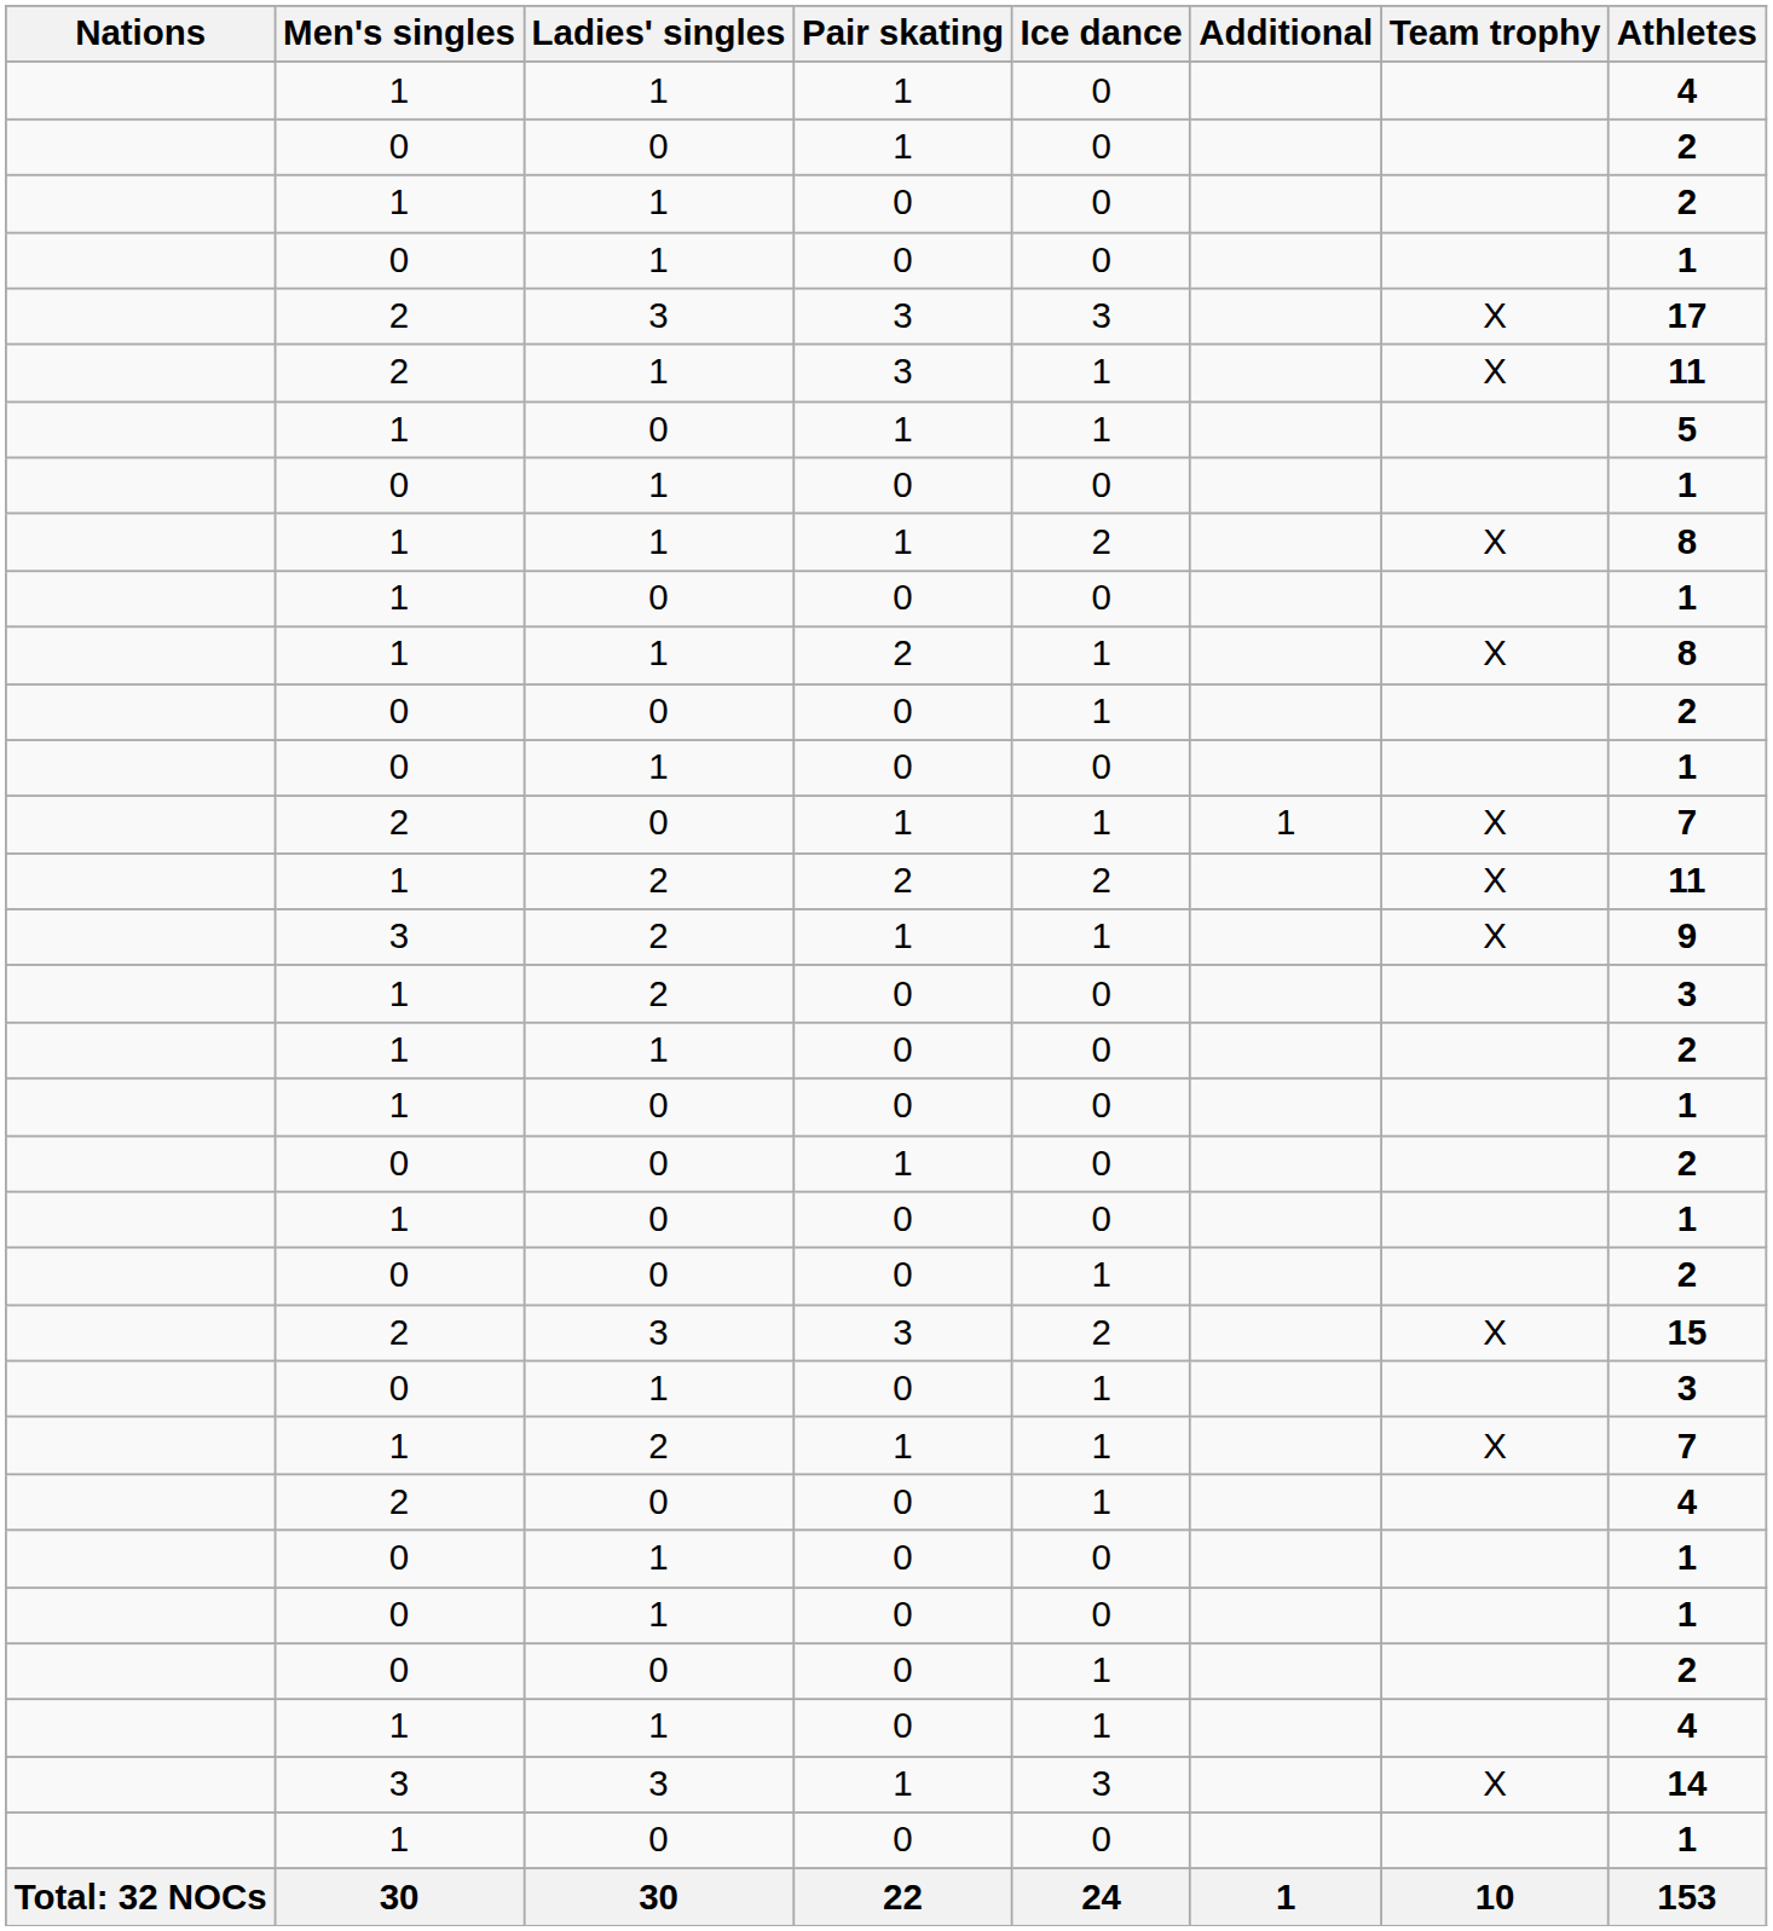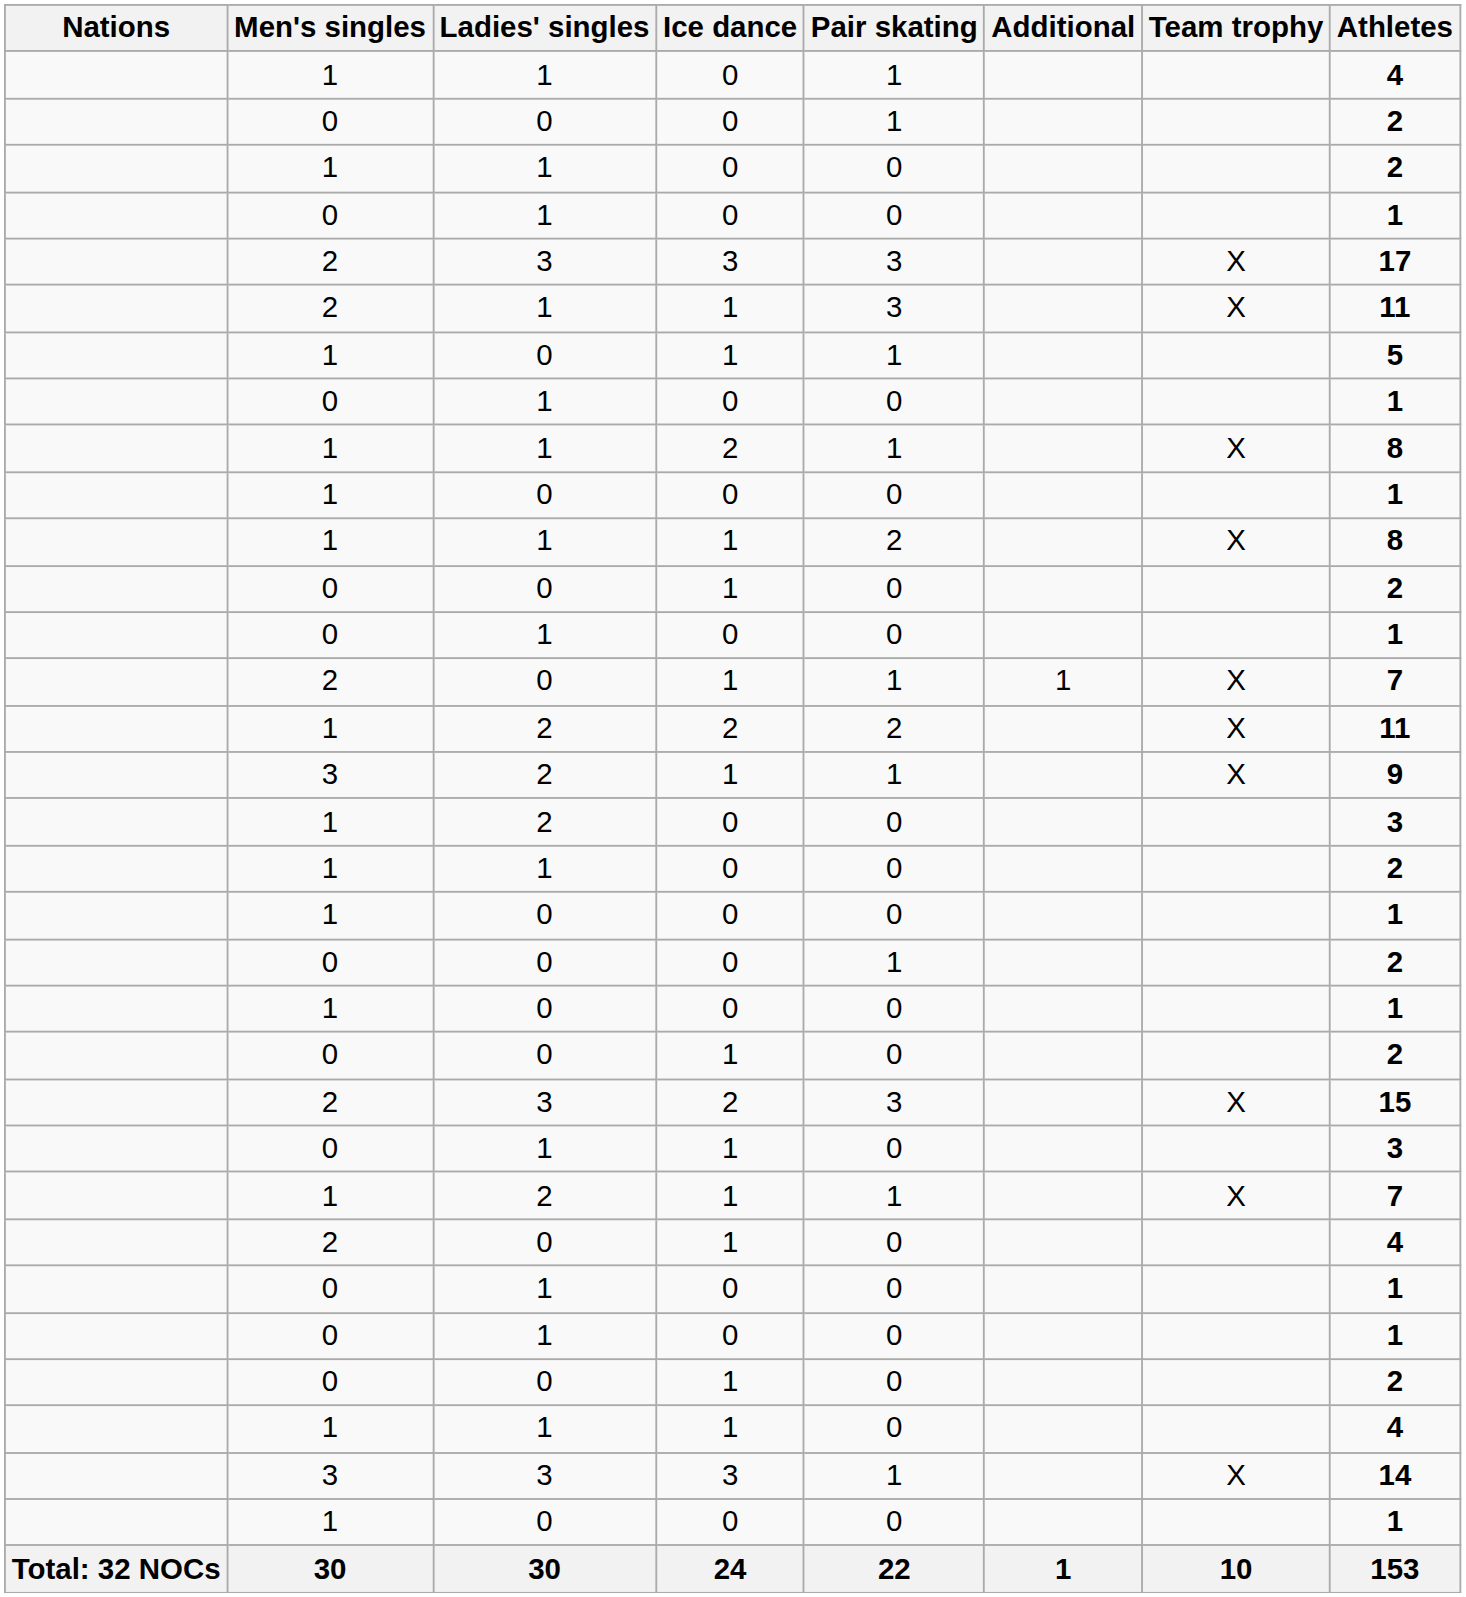 <table class="wikitable sortable" style="text-align:center;">
 <tr>
 <th>Nations</th>
 <th>Men's singles</th>
 <th>Ladies' singles</th>
+<th>Ice dance</th>
 <th>Pair skating</th>
-<th>Ice dance</th>
 <th>Additional</th>
 <th>Team trophy</th>
 <th>Athletes</th>
 </tr>
 <tr>
 <td style="text-align:left;"></td>
 <td>1</td>
 <td>1</td>
+<td>0</td>
 <td>1</td>
-<td>0</td>
 <td></td>
 <td></td>
 <td><strong>4</strong></td>
 </tr>
 <tr>
 <td style="text-align:left;"></td>
 <td>0</td>
 <td>0</td>
+<td>0</td>
 <td>1</td>
-<td>0</td>
 <td></td>
 <td></td>
 <td><strong>2</strong></td>
 </tr>
 <tr>
 <td style="text-align:left;"></td>
 <td>1</td>
 <td>1</td>
 <td>0</td>
 <td>0</td>
 <td></td>
 <td></td>
 <td><strong>2</strong></td>
 </tr>
 <tr>
 <td style="text-align:left;"></td>
 <td>0</td>
 <td>1</td>
 <td>0</td>
 <td>0</td>
 <td></td>
 <td></td>
 <td><strong>1</strong></td>
 </tr>
 <tr>
 <td style="text-align:left;"></td>
 <td>2</td>
 <td>3</td>
 <td>3</td>
 <td>3</td>
 <td></td>
 <td>X</td>
 <td><strong>17</strong></td>
 </tr>
 <tr>
 <td style="text-align:left;"></td>
 <td>2</td>
 <td>1</td>
+<td>1</td>
 <td>3</td>
-<td>1</td>
 <td></td>
 <td>X</td>
 <td><strong>11</strong></td>
 </tr>
 <tr>
 <td style="text-align:left;"></td>
 <td>1</td>
 <td>0</td>
 <td>1</td>
 <td>1</td>
 <td></td>
 <td></td>
 <td><strong>5</strong></td>
 </tr>
 <tr>
 <td style="text-align:left;"></td>
 <td>0</td>
 <td>1</td>
 <td>0</td>
 <td>0</td>
 <td></td>
 <td></td>
 <td><strong>1</strong></td>
 </tr>
 <tr>
 <td style="text-align:left;"></td>
 <td>1</td>
 <td>1</td>
+<td>2</td>
 <td>1</td>
-<td>2</td>
 <td></td>
 <td>X</td>
 <td><strong>8</strong></td>
 </tr>
 <tr>
 <td style="text-align:left;"></td>
 <td>1</td>
 <td>0</td>
 <td>0</td>
 <td>0</td>
 <td></td>
 <td></td>
 <td><strong>1</strong></td>
 </tr>
 <tr>
 <td style="text-align:left;"></td>
 <td>1</td>
 <td>1</td>
+<td>1</td>
 <td>2</td>
-<td>1</td>
 <td></td>
 <td>X</td>
 <td><strong>8</strong></td>
 </tr>
 <tr>
 <td style="text-align:left;"></td>
 <td>0</td>
 <td>0</td>
+<td>1</td>
 <td>0</td>
-<td>1</td>
 <td></td>
 <td></td>
 <td><strong>2</strong></td>
 </tr>
 <tr>
 <td style="text-align:left;"></td>
 <td>0</td>
 <td>1</td>
 <td>0</td>
 <td>0</td>
 <td></td>
 <td></td>
 <td><strong>1</strong></td>
 </tr>
 <tr>
 <td style="text-align:left;"></td>
 <td>2</td>
 <td>0</td>
 <td>1</td>
 <td>1</td>
 <td>1</td>
 <td>X</td>
 <td><strong>7</strong></td>
 </tr>
 <tr>
 <td style="text-align:left;"></td>
 <td>1</td>
 <td>2</td>
 <td>2</td>
 <td>2</td>
 <td></td>
 <td>X</td>
 <td><strong>11</strong></td>
 </tr>
 <tr>
 <td style="text-align:left;"></td>
 <td>3</td>
 <td>2</td>
 <td>1</td>
 <td>1</td>
 <td></td>
 <td>X</td>
 <td><strong>9</strong></td>
 </tr>
 <tr>
 <td style="text-align:left;"></td>
 <td>1</td>
 <td>2</td>
 <td>0</td>
 <td>0</td>
 <td></td>
 <td></td>
 <td><strong>3</strong></td>
 </tr>
 <tr>
 <td style="text-align:left;"></td>
 <td>1</td>
 <td>1</td>
 <td>0</td>
 <td>0</td>
 <td></td>
 <td></td>
 <td><strong>2</strong></td>
 </tr>
 <tr>
 <td style="text-align:left;"></td>
 <td>1</td>
 <td>0</td>
 <td>0</td>
 <td>0</td>
 <td></td>
 <td></td>
 <td><strong>1</strong></td>
 </tr>
 <tr>
 <td style="text-align:left;"></td>
 <td>0</td>
 <td>0</td>
+<td>0</td>
 <td>1</td>
-<td>0</td>
 <td></td>
 <td></td>
 <td><strong>2</strong></td>
 </tr>
 <tr>
 <td style="text-align:left;"></td>
 <td>1</td>
 <td>0</td>
 <td>0</td>
 <td>0</td>
 <td></td>
 <td></td>
 <td><strong>1</strong></td>
 </tr>
 <tr>
 <td style="text-align:left;"></td>
 <td>0</td>
 <td>0</td>
+<td>1</td>
 <td>0</td>
-<td>1</td>
 <td></td>
 <td></td>
 <td><strong>2</strong></td>
 </tr>
 <tr>
 <td style="text-align:left;"></td>
 <td>2</td>
 <td>3</td>
+<td>2</td>
 <td>3</td>
-<td>2</td>
 <td></td>
 <td>X</td>
 <td><strong>15</strong></td>
 </tr>
 <tr>
 <td style="text-align:left;"></td>
 <td>0</td>
 <td>1</td>
+<td>1</td>
 <td>0</td>
-<td>1</td>
 <td></td>
 <td></td>
 <td><strong>3</strong></td>
 </tr>
 <tr>
 <td style="text-align:left;"></td>
 <td>1</td>
 <td>2</td>
 <td>1</td>
 <td>1</td>
 <td></td>
 <td>X</td>
 <td><strong>7</strong></td>
 </tr>
 <tr>
 <td style="text-align:left;"></td>
 <td>2</td>
 <td>0</td>
+<td>1</td>
 <td>0</td>
-<td>1</td>
 <td></td>
 <td></td>
 <td><strong>4</strong></td>
 </tr>
 <tr>
 <td style="text-align:left;"></td>
 <td>0</td>
 <td>1</td>
 <td>0</td>
 <td>0</td>
 <td></td>
 <td></td>
 <td><strong>1</strong></td>
 </tr>
 <tr>
 <td style="text-align:left;"></td>
 <td>0</td>
 <td>1</td>
 <td>0</td>
 <td>0</td>
 <td></td>
 <td></td>
 <td><strong>1</strong></td>
 </tr>
 <tr>
 <td style="text-align:left;"></td>
 <td>0</td>
 <td>0</td>
+<td>1</td>
 <td>0</td>
-<td>1</td>
 <td></td>
 <td></td>
 <td><strong>2</strong></td>
 </tr>
 <tr>
 <td style="text-align:left;"></td>
 <td>1</td>
 <td>1</td>
+<td>1</td>
 <td>0</td>
-<td>1</td>
 <td></td>
 <td></td>
 <td><strong>4</strong></td>
 </tr>
 <tr>
 <td style="text-align:left;"></td>
 <td>3</td>
 <td>3</td>
+<td>3</td>
 <td>1</td>
-<td>3</td>
 <td></td>
 <td>X</td>
 <td><strong>14</strong></td>
 </tr>
 <tr>
 <td style="text-align:left;"></td>
 <td>1</td>
 <td>0</td>
 <td>0</td>
 <td>0</td>
 <td></td>
 <td></td>
 <td><strong>1</strong></td>
 </tr>
 <tr class="sortbottom">
 <th>Total: 32 NOCs</th>
 <th>30</th>
 <th>30</th>
+<th>24</th>
 <th>22</th>
-<th>24</th>
 <th>1</th>
 <th>10</th>
 <th>153</th>
 </tr>
 </table>
